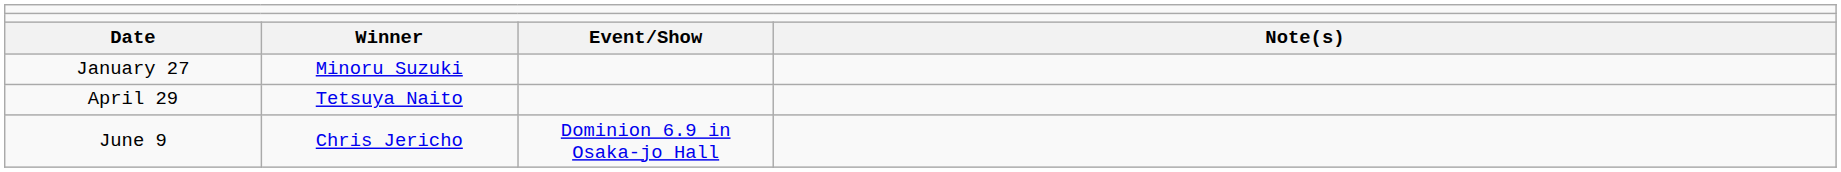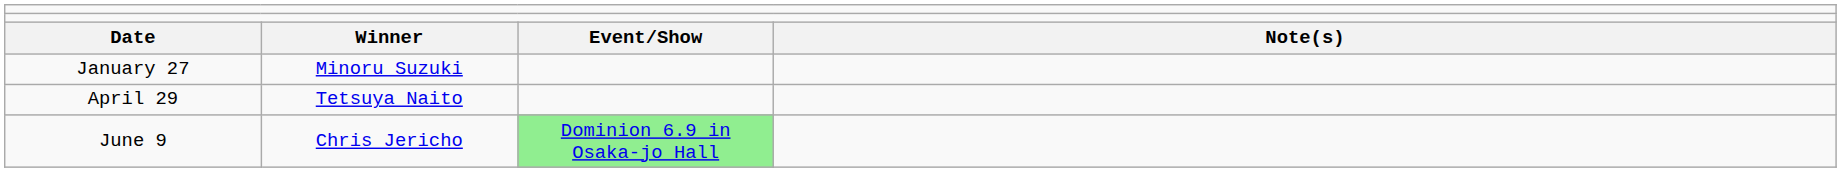 <table class="wikitable" style="text-align:center; width:100%;">
 <tr>
 <td colspan="5"></td>
 </tr>
 <tr>
 <td colspan="5"><strong></strong></td>
 </tr>
 <tr>
 <th width=14%>Date</th>
 <th width=14%>Winner</th>
 <th width=14%>Event/Show</th>
 <th width=58%>Note(s)</th>
 </tr>
 <tr>
 <td>January 27</td>
 <td><a href='#'>Minoru Suzuki</a></td>
 <td></td>
 <td align=left></td>
 </tr>
 <tr>
 <td>April 29</td>
 <td><a href='#'>Tetsuya Naito</a></td>
 <td></td>
 <td align=left></td>
 </tr>
 <tr>
 <td>June 9</td>
 <td><a href='#'>Chris Jericho</a></td>
-<td><a href='#'>Dominion 6.9 in Osaka-jo Hall</a></td>
+<td style="background: lightgreen;"><a href='#'>Dominion 6.9 in Osaka-jo Hall</a></td>
 <td align=left></td>
 </tr>
 </table>
